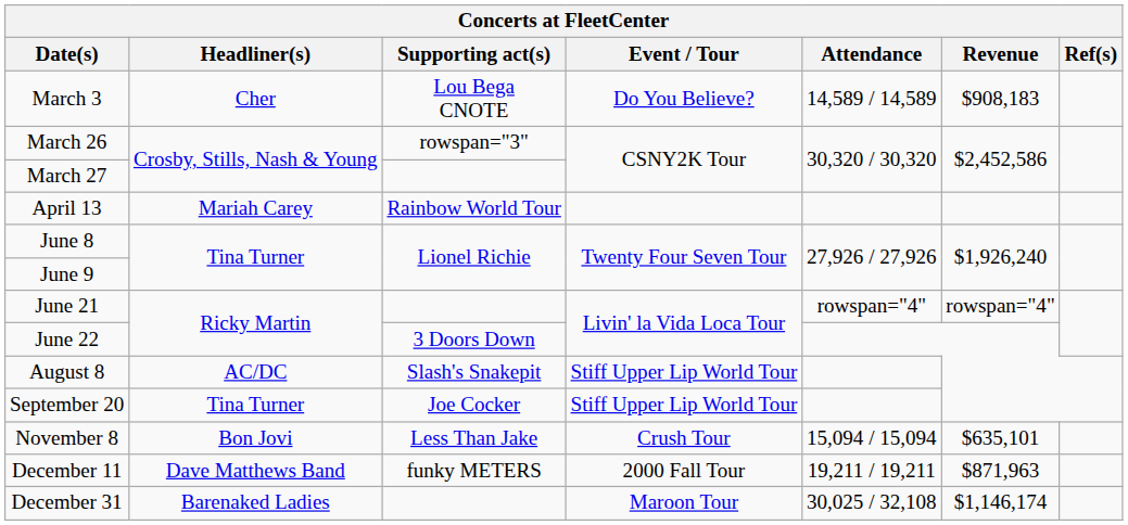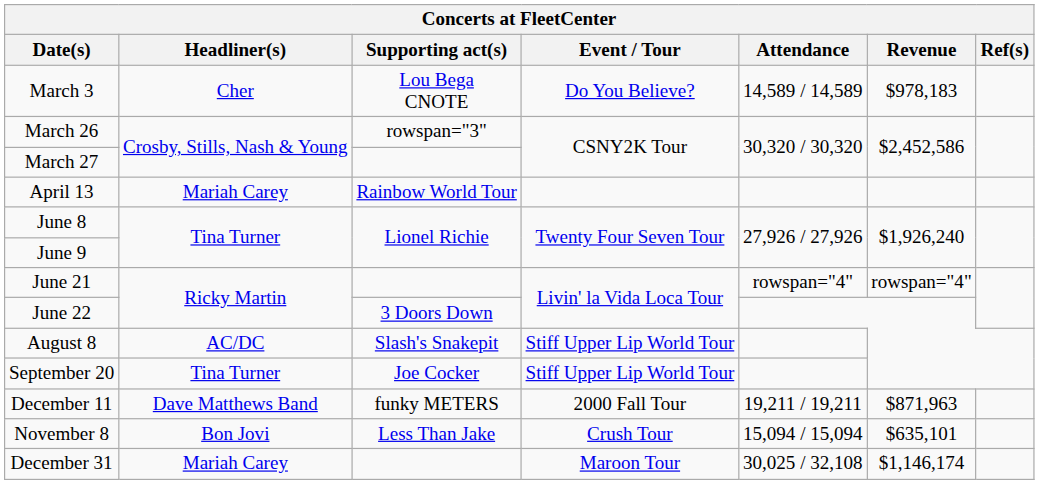 <table class="wikitable mw-collapsible mw-collapsed" style="text-align:center;">
 <tr>
 <th colspan="7">Concerts at FleetCenter</th>
 </tr>
 <tr>
 <th>Date(s)</th>
 <th>Headliner(s)</th>
 <th>Supporting act(s)</th>
 <th>Event / Tour</th>
 <th>Attendance</th>
 <th>Revenue</th>
 <th>Ref(s)</th>
 </tr>
 <tr>
 <td>March 3</td>
 <td><a href='#'>Cher</a></td>
 <td><a href='#'>Lou Bega</a> <br> CNOTE</td>
 <td><a href='#'>Do You Believe?</a></td>
 <td>14,589 / 14,589</td>
-<td>$908,183</td>
+<td>$978,183</td>
 <td></td>
 </tr>
 <tr>
 <td>March 26</td>
 <td rowspan="2"><a href='#'>Crosby, Stills, Nash & Young</a></td>
 <td>rowspan="3" </td>
 <td rowspan="2">CSNY2K Tour</td>
 <td rowspan="2">30,320 / 30,320</td>
 <td rowspan="2">$2,452,586</td>
 <td rowspan="2"></td>
 </tr>
 <tr>
 <td>March 27</td>
 </tr>
 <tr>
 <td>April 13</td>
 <td><a href='#'>Mariah Carey</a></td>
 <td><a href='#'>Rainbow World Tour</a></td>
 <td></td>
 <td></td>
 <td></td>
 </tr>
 <tr>
 <td>June 8</td>
 <td rowspan="2"><a href='#'>Tina Turner</a></td>
 <td rowspan="2"><a href='#'>Lionel Richie</a></td>
 <td rowspan="2"><a href='#'>Twenty Four Seven Tour</a></td>
 <td rowspan="2">27,926 / 27,926</td>
 <td rowspan="2">$1,926,240</td>
 <td rowspan="2"></td>
 </tr>
 <tr>
 <td>June 9</td>
 </tr>
 <tr>
 <td>June 21</td>
 <td rowspan="2"><a href='#'>Ricky Martin</a></td>
 <td></td>
 <td rowspan="2"><a href='#'>Livin' la Vida Loca Tour</a></td>
 <td>rowspan="4" </td>
 <td>rowspan="4" </td>
 <td rowspan="2"></td>
 </tr>
 <tr>
 <td>June 22</td>
 <td><a href='#'>3 Doors Down</a></td>
 </tr>
 <tr>
 <td>August 8</td>
 <td><a href='#'>AC/DC</a></td>
 <td><a href='#'>Slash's Snakepit</a></td>
 <td><a href='#'>Stiff Upper Lip World Tour</a></td>
 <td></td>
 </tr>
 <tr>
 <td>September 20</td>
 <td><a href='#'>Tina Turner</a></td>
 <td><a href='#'>Joe Cocker</a></td>
 <td><a href='#'>Stiff Upper Lip World Tour</a></td>
 <td></td>
 </tr>
 <tr>
+<td>December 11</td>
+<td><a href='#'>Dave Matthews Band</a></td>
+<td>funky METERS</td>
+<td>2000 Fall Tour</td>
+<td>19,211 / 19,211</td>
+<td>$871,963</td>
+<td></td>
+</tr>
+<tr>
 <td>November 8</td>
 <td><a href='#'>Bon Jovi</a></td>
 <td><a href='#'>Less Than Jake</a></td>
 <td><a href='#'>Crush Tour</a></td>
 <td>15,094 / 15,094</td>
 <td>$635,101</td>
 <td></td>
 </tr>
 <tr>
-<td>December 11</td>
-<td><a href='#'>Dave Matthews Band</a></td>
-<td>funky METERS</td>
-<td>2000 Fall Tour</td>
-<td>19,211 / 19,211</td>
-<td>$871,963</td>
-<td></td>
-</tr>
-<tr>
 <td>December 31</td>
-<td><a href='#'>Barenaked Ladies</a></td>
+<td><a href='#'>Mariah Carey</a></td>
 <td></td>
 <td><a href='#'>Maroon Tour</a></td>
 <td>30,025 / 32,108</td>
 <td>$1,146,174</td>
 <td></td>
 </tr>
 </table>
